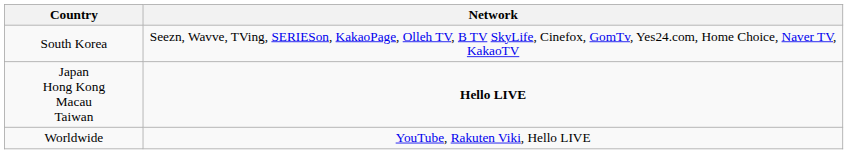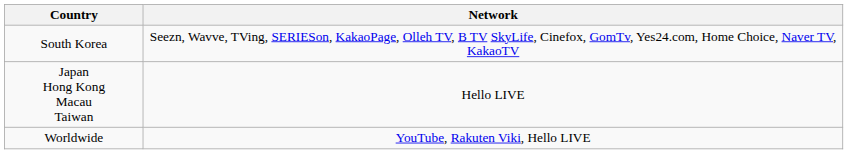 <table class="wikitable" style="width:80%; text-align:center; font-size:100%">
 <tr>
 <th style="width:10em;">Country</th>
 <th colspan="2" style="width:25em;">Network</th>
 </tr>
 <tr>
 <td>South Korea</td>
 <td colspan="2">Seezn, Wavve, TVing, <a href='#'>SERIESon</a>, <a href='#'>KakaoPage</a>, <a href='#'>Olleh TV</a>, <a href='#'>B TV</a> <a href='#'>SkyLife</a>, Cinefox, <a href='#'>GomTv</a>, Yes24.com, Home Choice, <a href='#'>Naver TV</a>, <a href='#'>KakaoTV</a></td>
 </tr>
 <tr>
 <td>Japan<br>Hong Kong<br>Macau<br>Taiwan</td>
-<td><strong>Hello LIVE</strong></td>
+<td>Hello LIVE</td>
 </tr>
 <tr>
 <td>Worldwide</td>
 <td colspan="2"><a href='#'>YouTube</a>, <a href='#'>Rakuten Viki</a>, Hello LIVE</td>
 </tr>
 </table>
